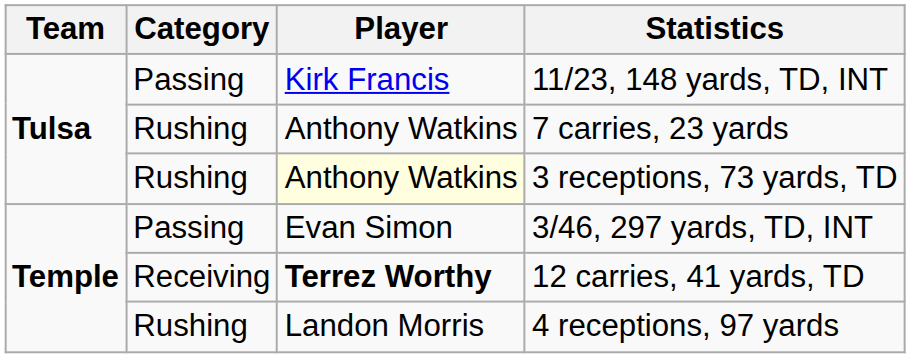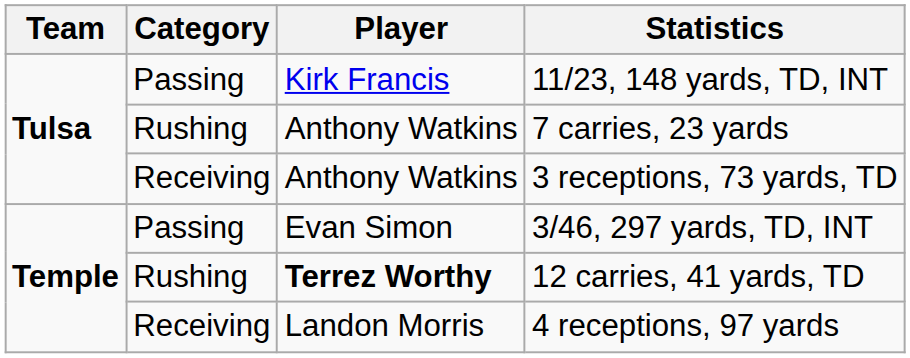 <table class="wikitable" style="float: right;">
 <tr>
 <th>Team</th>
 <th>Category</th>
 <th>Player</th>
 <th>Statistics</th>
 </tr>
 <tr>
 <td rowspan=3><strong>Tulsa</strong></td>
 <td>Passing</td>
 <td><a href='#'>Kirk Francis</a></td>
 <td>11/23, 148 yards, TD, INT</td>
 </tr>
 <tr>
 <td>Rushing</td>
 <td>Anthony Watkins</td>
 <td>7 carries, 23 yards</td>
 </tr>
 <tr>
-<td>Rushing</td>
-<td style="background: lightyellow;">Anthony Watkins</td>
+<td>Receiving</td>
+<td>Anthony Watkins</td>
 <td>3 receptions, 73 yards, TD</td>
 </tr>
 <tr>
 <td rowspan=3><strong>Temple</strong></td>
 <td>Passing</td>
 <td>Evan Simon</td>
 <td>3/46, 297 yards, TD, INT</td>
 </tr>
 <tr>
-<td>Receiving</td>
+<td>Rushing</td>
 <td><strong>Terrez Worthy</strong></td>
 <td>12 carries, 41 yards, TD</td>
 </tr>
 <tr>
-<td>Rushing</td>
+<td>Receiving</td>
 <td>Landon Morris</td>
 <td>4 receptions, 97 yards</td>
 </tr>
 </table>
